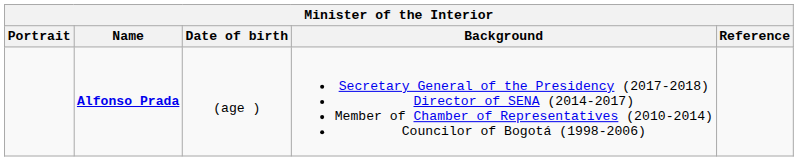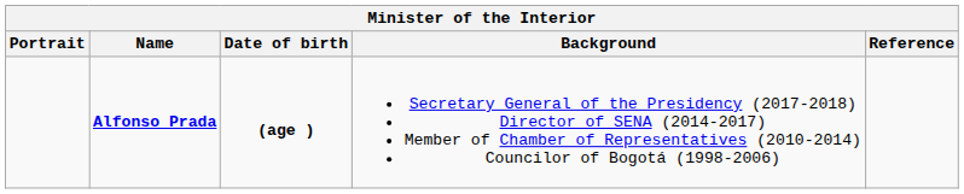 <table class="wikitable collapsible" style="text-align:center;">
 <tr>
 <th colspan="5">Minister of the Interior</th>
 </tr>
 <tr>
 <th>Portrait</th>
 <th>Name</th>
 <th>Date of birth</th>
 <th>Background</th>
 <th>Reference</th>
 </tr>
 <tr>
 <td></td>
 <td><strong><a href='#'>Alfonso Prada</a></strong></td>
-<td><br>(age )</td>
+<td><strong><br>(age )</strong></td>
 <td><br><ul><li><a href='#'>Secretary General of the Presidency</a> (2017-2018)</li><li><a href='#'>Director of SENA</a> (2014-2017)</li><li>Member of <a href='#'>Chamber of Representatives</a> (2010-2014)</li><li>Councilor of Bogotá (1998-2006)</li></ul></td>
 <td></td>
 </tr>
 </table>
